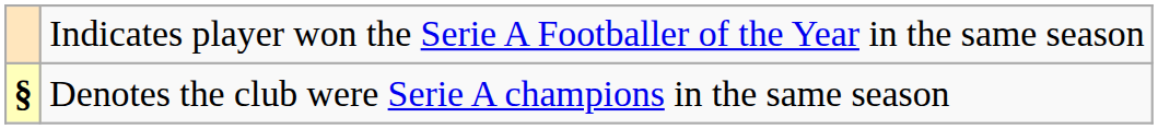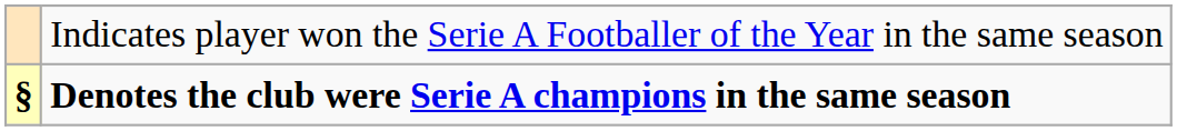 <table class="wikitable plainrowheaders">
 <tr>
 <th scope="row" style="text-align:center; background:#FFE6BD"></th>
 <td>Indicates player won the <a href='#'>Serie A Footballer of the Year</a> in the same season</td>
 </tr>
 <tr>
 <th scope="row" style="text-align:center; background:#ffb">§</th>
-<td>Denotes the club were <a href='#'>Serie A champions</a> in the same season</td>
+<td><strong>Denotes the club were <a href='#'>Serie A champions</a> in the same season</strong></td>
 </tr>
 </table>
